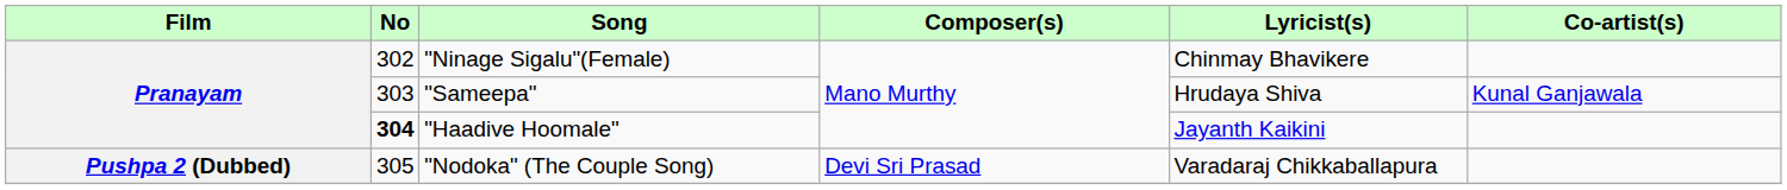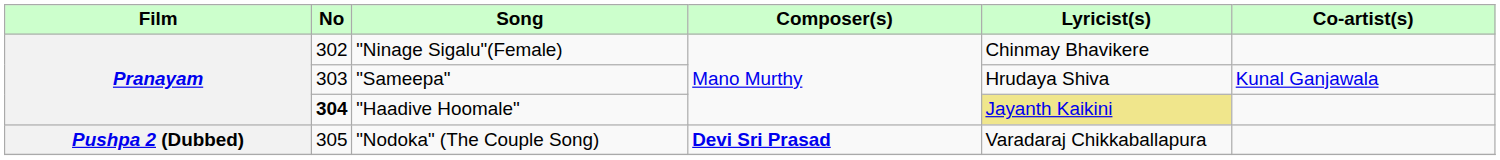 <table class="wikitable plainrowheaders" width="100%" textcolor:#000;">
 <tr style="background:#cfc; text-align:center;">
 <td scope="col" width="21%"><strong>Film</strong></td>
 <td><strong>No</strong></td>
 <td scope="col" width="23%"><strong>Song</strong></td>
 <td scope="col" width="20%"><strong>Composer(s)</strong></td>
 <td scope="col" width="17%"><strong>Lyricist(s)</strong></td>
 <td scope="col" width="18%"><strong>Co-artist(s)</strong></td>
 </tr>
 <tr>
 <th rowspan="3"><em><a href='#'>Pranayam</a></em></th>
 <td>302</td>
 <td>"Ninage Sigalu"(Female)</td>
 <td rowspan="3"><a href='#'>Mano Murthy</a></td>
 <td>Chinmay Bhavikere</td>
 <td></td>
 </tr>
 <tr>
 <td>303</td>
 <td>"Sameepa"</td>
 <td>Hrudaya Shiva</td>
 <td><a href='#'>Kunal Ganjawala</a></td>
 </tr>
 <tr>
 <td><strong>304</strong></td>
 <td>"Haadive Hoomale"</td>
-<td><a href='#'>Jayanth Kaikini</a></td>
+<td style="background: khaki;"><a href='#'>Jayanth Kaikini</a></td>
 <td></td>
 </tr>
 <tr>
 <th><em><a href='#'>Pushpa 2</a></em> (Dubbed)</th>
 <td>305</td>
 <td>"Nodoka" (The Couple Song)</td>
-<td><a href='#'>Devi Sri Prasad</a></td>
+<td><strong><a href='#'>Devi Sri Prasad</a></strong></td>
 <td>Varadaraj Chikkaballapura</td>
 <td></td>
 </tr>
 <tr>
 </tr>
 </table>
